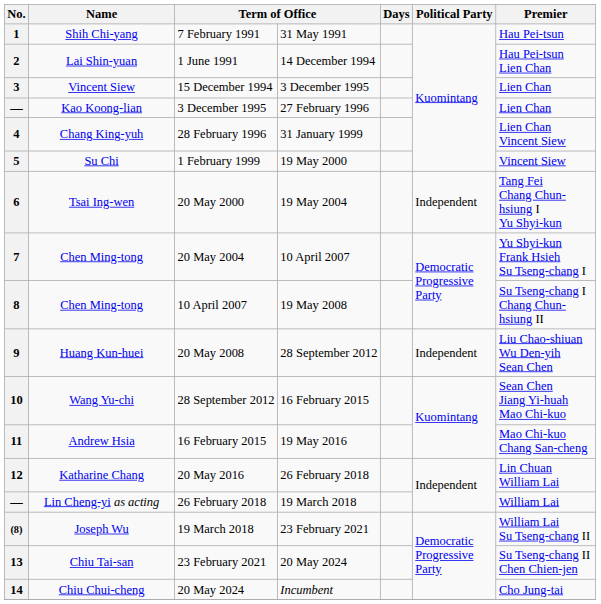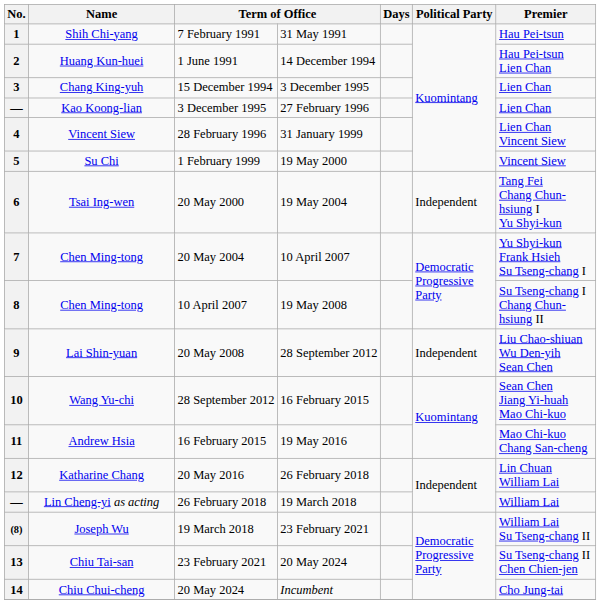 <table class="wikitable">
 <tr ->
 <th>No.</th>
 <th width="180">Name</th>
 <th colspan=2 width="180">Term of Office</th>
 <th>Days</th>
 <th width="100">Political Party</th>
 <th width="120">Premier</th>
 </tr>
 <tr ->
 <th style="background:">1</th>
 <td align=center><a href='#'>Shih Chi-yang</a><br></td>
 <td>7 February 1991</td>
 <td>31 May 1991</td>
 <td></td>
 <td rowspan="6"><a href='#'>Kuomintang</a></td>
 <td><a href='#'>Hau Pei-tsun</a></td>
 </tr>
 <tr ->
 <th style="background:">2</th>
-<td align=center><a href='#'>Lai Shin-yuan</a><br></td>
+<td align=center><a href='#'>Huang Kun-huei</a><br></td>
 <td>1 June 1991</td>
 <td>14 December 1994</td>
 <td></td>
 <td><a href='#'>Hau Pei-tsun</a><br><a href='#'>Lien Chan</a></td>
 </tr>
 <tr ->
 <th style="background:">3</th>
-<td align=center><a href='#'>Vincent Siew</a><br></td>
+<td align=center><a href='#'>Chang King-yuh</a><br></td>
 <td>15 December 1994</td>
 <td>3 December 1995</td>
 <td></td>
 <td><a href='#'>Lien Chan</a></td>
 </tr>
 <tr ->
 <th style="background:">—</th>
 <td align=center><a href='#'>Kao Koong-lian</a><br></td>
 <td>3 December 1995</td>
 <td>27 February 1996</td>
 <td></td>
 <td><a href='#'>Lien Chan</a></td>
 </tr>
 <tr ->
 <th style="background:">4</th>
-<td align=center><a href='#'>Chang King-yuh</a><br></td>
+<td align=center><a href='#'>Vincent Siew</a><br></td>
 <td>28 February 1996</td>
 <td>31 January 1999</td>
 <td></td>
 <td><a href='#'>Lien Chan</a><br><a href='#'>Vincent Siew</a></td>
 </tr>
 <tr ->
 <th style="background:">5</th>
 <td align=center><a href='#'>Su Chi</a><br></td>
 <td>1 February 1999</td>
 <td>19 May 2000</td>
 <td></td>
 <td><a href='#'>Vincent Siew</a></td>
 </tr>
 <tr ->
 <th style="background:">6</th>
 <td align=center><a href='#'>Tsai Ing-wen</a><br></td>
 <td>20 May 2000</td>
 <td>19 May 2004</td>
 <td></td>
 <td>Independent</td>
 <td><a href='#'>Tang Fei</a><br><a href='#'>Chang Chun-hsiung</a> I<br><a href='#'>Yu Shyi-kun</a></td>
 </tr>
 <tr ->
 <th style="background:">7</th>
 <td align=center><a href='#'>Chen Ming-tong</a><br></td>
 <td>20 May 2004</td>
 <td>10 April 2007</td>
 <td></td>
 <td rowspan="2"><a href='#'>Democratic Progressive Party</a></td>
 <td><a href='#'>Yu Shyi-kun</a><br><a href='#'>Frank Hsieh</a><br><a href='#'>Su Tseng-chang</a> I</td>
 </tr>
 <tr ->
 <th style="background:">8</th>
 <td align=center><a href='#'>Chen Ming-tong</a><br></td>
 <td>10 April 2007</td>
 <td>19 May 2008</td>
 <td></td>
 <td><a href='#'>Su Tseng-chang</a> I<br><a href='#'>Chang Chun-hsiung</a> II</td>
 </tr>
 <tr ->
 <th style="background:">9</th>
-<td align=center><a href='#'>Huang Kun-huei</a><br></td>
+<td align=center><a href='#'>Lai Shin-yuan</a><br></td>
 <td>20 May 2008</td>
 <td>28 September 2012</td>
 <td></td>
 <td>Independent</td>
 <td><a href='#'>Liu Chao-shiuan</a><br><a href='#'>Wu Den-yih</a><br><a href='#'>Sean Chen</a></td>
 </tr>
 <tr ->
 <th style="background:">10</th>
 <td align=center><a href='#'>Wang Yu-chi</a><br></td>
 <td>28 September 2012</td>
 <td>16 February 2015</td>
 <td></td>
 <td rowspan="2"><a href='#'>Kuomintang</a></td>
 <td><a href='#'>Sean Chen</a><br><a href='#'>Jiang Yi-huah</a><br><a href='#'>Mao Chi-kuo</a></td>
 </tr>
 <tr ->
 <th style="background:">11</th>
 <td align=center><a href='#'>Andrew Hsia</a><br></td>
 <td>16 February 2015</td>
 <td>19 May 2016</td>
 <td></td>
 <td><a href='#'>Mao Chi-kuo</a><br><a href='#'>Chang San-cheng</a></td>
 </tr>
 <tr ->
 <th style="background:">12</th>
 <td align=center><a href='#'>Katharine Chang</a><br></td>
 <td>20 May 2016</td>
 <td>26 February 2018</td>
 <td></td>
 <td rowspan="2">Independent</td>
 <td><a href='#'>Lin Chuan</a><br><a href='#'>William Lai</a></td>
 </tr>
 <tr ->
 <th style="background:">—</th>
 <td align=center><a href='#'>Lin Cheng-yi</a> <em>as acting</em><br></td>
 <td>26 February 2018</td>
 <td>19 March 2018</td>
 <td></td>
 <td><a href='#'>William Lai</a></td>
 </tr>
 <tr ->
 <th style="background:"><small>(8)</small></th>
 <td align=center><a href='#'>Joseph Wu</a><br></td>
 <td>19 March 2018</td>
 <td>23 February 2021</td>
 <td></td>
 <td rowspan="3"><a href='#'>Democratic Progressive Party</a></td>
 <td><a href='#'>William Lai</a><br><a href='#'>Su Tseng-chang</a> II</td>
 </tr>
 <tr ->
 <th style="background:">13</th>
 <td align=center><a href='#'>Chiu Tai-san</a><br></td>
 <td>23 February 2021</td>
 <td>20 May 2024</td>
 <td></td>
 <td><a href='#'>Su Tseng-chang</a> II<br><a href='#'>Chen Chien-jen</a></td>
 </tr>
 <tr ->
 <th style="background:">14</th>
 <td align=center><a href='#'>Chiu Chui-cheng</a><br></td>
 <td>20 May 2024</td>
 <td><em>Incumbent</em></td>
 <td></td>
 <td><a href='#'>Cho Jung-tai</a></td>
 </tr>
 <tr ->
 </tr>
 </table>
